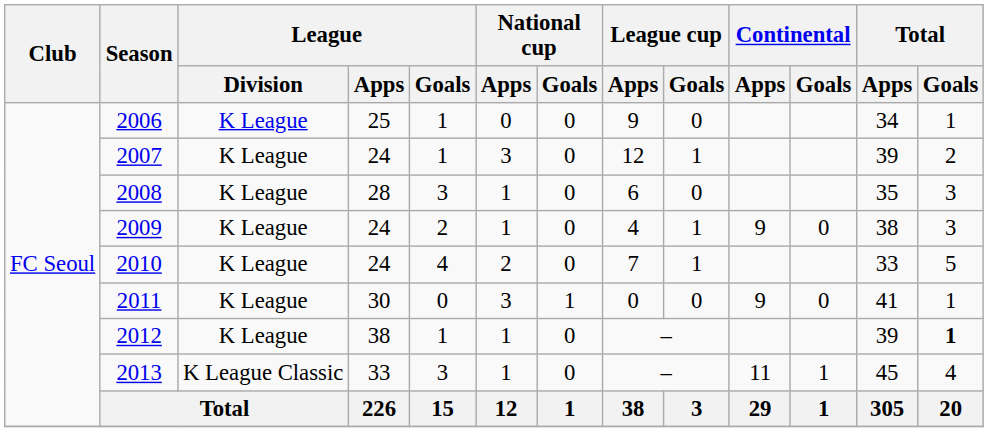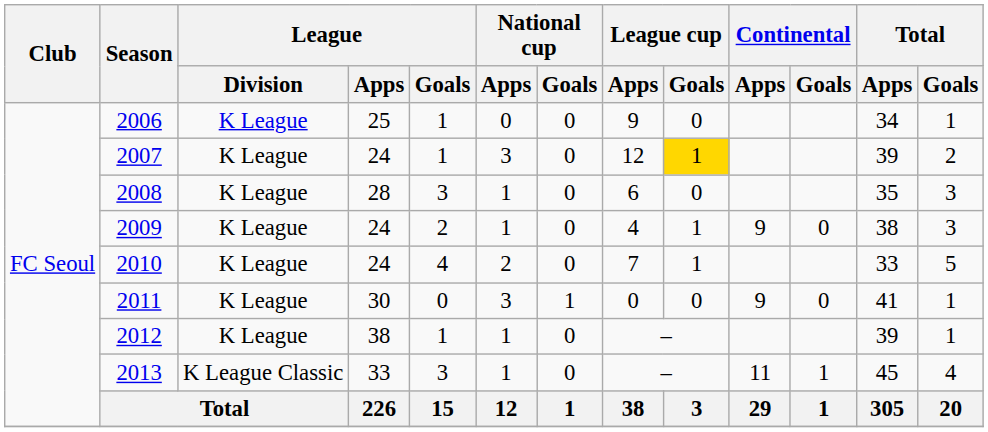 <table class="wikitable" style="text-align:center">
 <tr>
 <th rowspan="2">Club</th>
 <th rowspan="2">Season</th>
 <th colspan="3">League</th>
 <th colspan="2">National cup</th>
 <th colspan="2">League cup</th>
 <th colspan="2"><a href='#'>Continental</a></th>
 <th colspan="2">Total</th>
 </tr>
 <tr>
 <th>Division</th>
 <th width=10>Apps</th>
 <th width=10>Goals</th>
 <th width=10>Apps</th>
 <th width=10>Goals</th>
 <th width=10>Apps</th>
 <th width=10>Goals</th>
 <th width=10>Apps</th>
 <th width=10>Goals</th>
 <th width=10>Apps</th>
 <th width=10>Goals</th>
 </tr>
 <tr>
 <td rowspan="9"><a href='#'>FC Seoul</a></td>
 <td><a href='#'>2006</a></td>
 <td><a href='#'>K League</a></td>
 <td>25</td>
 <td>1</td>
 <td>0</td>
 <td>0</td>
 <td>9</td>
 <td>0</td>
 <td></td>
 <td></td>
 <td>34</td>
 <td>1</td>
 </tr>
 <tr>
 <td><a href='#'>2007</a></td>
 <td>K League</td>
 <td>24</td>
 <td>1</td>
 <td>3</td>
 <td>0</td>
 <td>12</td>
-<td>1</td>
+<td style="background: gold;">1</td>
 <td></td>
 <td></td>
 <td>39</td>
 <td>2</td>
 </tr>
 <tr>
 <td><a href='#'>2008</a></td>
 <td>K League</td>
 <td>28</td>
 <td>3</td>
 <td>1</td>
 <td>0</td>
 <td>6</td>
 <td>0</td>
 <td></td>
 <td></td>
 <td>35</td>
 <td>3</td>
 </tr>
 <tr>
 <td><a href='#'>2009</a></td>
 <td>K League</td>
 <td>24</td>
 <td>2</td>
 <td>1</td>
 <td>0</td>
 <td>4</td>
 <td>1</td>
 <td>9</td>
 <td>0</td>
 <td>38</td>
 <td>3</td>
 </tr>
 <tr>
 <td><a href='#'>2010</a></td>
 <td>K League</td>
 <td>24</td>
 <td>4</td>
 <td>2</td>
 <td>0</td>
 <td>7</td>
 <td>1</td>
 <td></td>
 <td></td>
 <td>33</td>
 <td>5</td>
 </tr>
 <tr>
 <td><a href='#'>2011</a></td>
 <td>K League</td>
 <td>30</td>
 <td>0</td>
 <td>3</td>
 <td>1</td>
 <td>0</td>
 <td>0</td>
 <td>9</td>
 <td>0</td>
 <td>41</td>
 <td>1</td>
 </tr>
 <tr>
 <td><a href='#'>2012</a></td>
 <td>K League</td>
 <td>38</td>
 <td>1</td>
 <td>1</td>
 <td>0</td>
 <td colspan="2">–</td>
 <td></td>
 <td></td>
 <td>39</td>
-<td><strong>1</strong></td>
+<td>1</td>
 </tr>
 <tr>
 <td><a href='#'>2013</a></td>
 <td>K League Classic</td>
 <td>33</td>
 <td>3</td>
 <td>1</td>
 <td>0</td>
 <td colspan="2">–</td>
 <td>11</td>
 <td>1</td>
 <td>45</td>
 <td>4</td>
 </tr>
 <tr>
 <th colspan="2">Total</th>
 <th>226</th>
 <th>15</th>
 <th>12</th>
 <th>1</th>
 <th>38</th>
 <th>3</th>
 <th>29</th>
 <th>1</th>
 <th>305</th>
 <th>20</th>
 </tr>
 <tr>
 </tr>
 </table>
